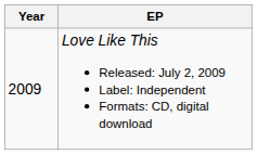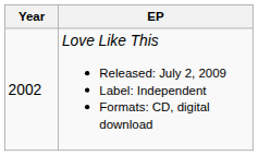 <table class="wikitable">
 <tr>
 <th style="width:50px;"><small>Year</small></th>
 <th style="width:200px;"><small>EP</small></th>
 </tr>
 <tr>
-<td>2009</td>
+<td>2002</td>
 <td><em>Love Like This</em><br><ul><li><small>Released: July 2, 2009</small></li><li><small>Label: Independent</small></li><li><small>Formats: CD, digital download</small></li></ul></td>
 </tr>
 </table>
